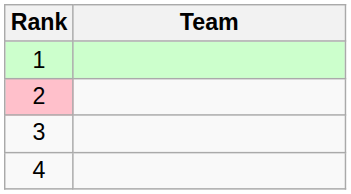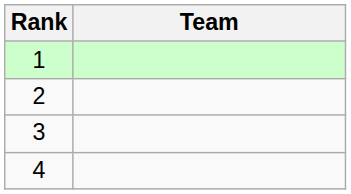 <table class="wikitable" style="text-align:center;">
 <tr>
 <th width=40>Rank</th>
 <th width=180>Team</th>
 </tr>
 <tr bgcolor=#ccffcc>
 <td>1</td>
 <td style="text-align:left;"></td>
 </tr>
 <tr>
-<td style="background: pink;">2</td>
+<td>2</td>
 <td style="text-align:left;"></td>
 </tr>
 <tr>
 <td>3</td>
 <td style="text-align:left;"></td>
 </tr>
 <tr>
 <td>4</td>
 <td style="text-align:left;"></td>
 </tr>
 </table>
